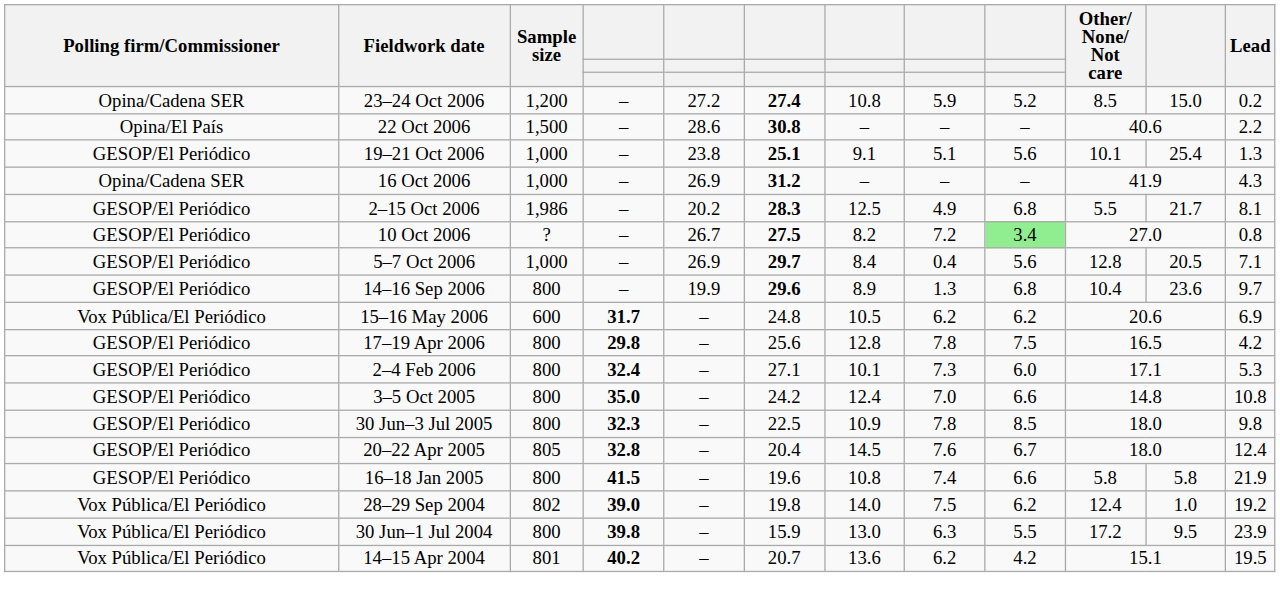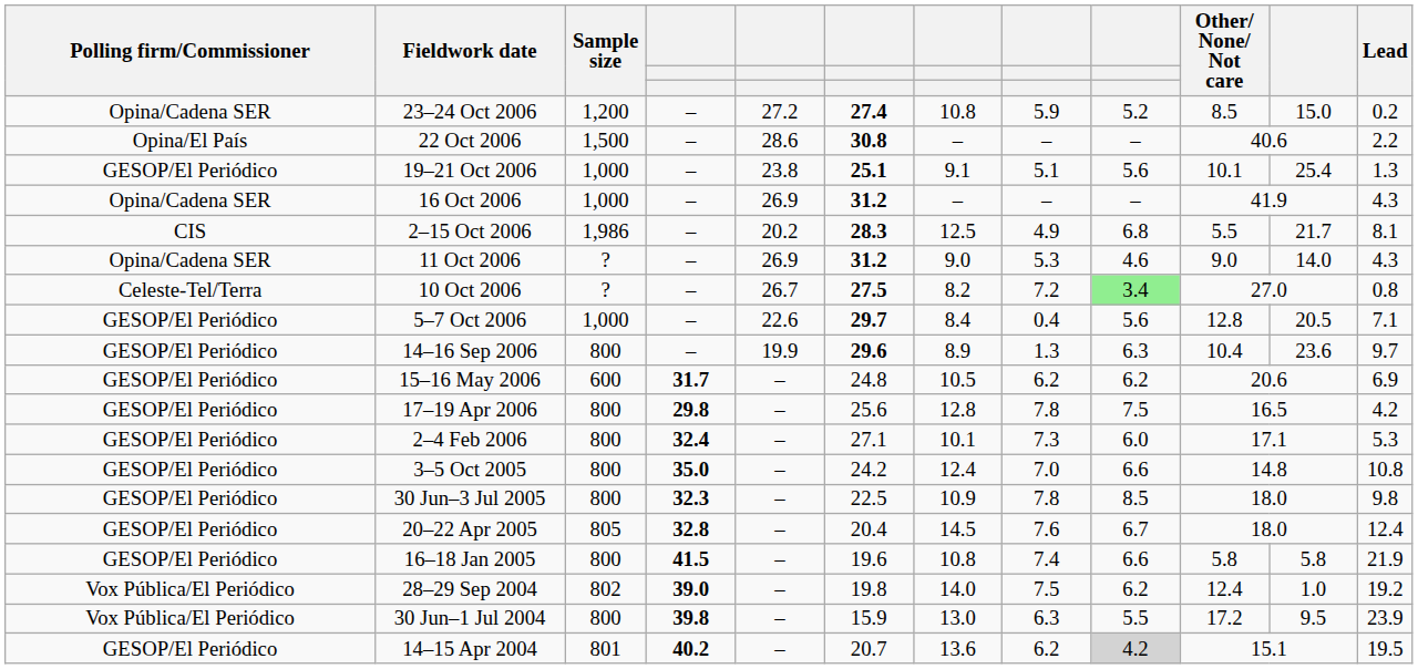 <table class="wikitable collapsible collapsed" style="text-align:center; font-size:90%; line-height:14px;">
 <tr style="height:42px;">
 <th style="width:250px;" rowspan="3">Polling firm/Commissioner</th>
 <th style="width:125px;" rowspan="3">Fieldwork date</th>
 <th style="width:50px;" rowspan="3">Sample size</th>
 <th style="width:55px;"></th>
 <th style="width:55px;"></th>
 <th style="width:55px;"></th>
 <th style="width:55px;"></th>
 <th style="width:55px;"></th>
 <th style="width:55px;"></th>
 <th style="width:55px;" rowspan="3">Other/<br>None/<br>Not<br>care</th>
 <th style="width:55px;" rowspan="3"></th>
 <th style="width:30px;" rowspan="3">Lead</th>
 </tr>
 <tr>
 <th style="color:inherit;background:"></th>
 <th style="color:inherit;background:"></th>
 <th style="color:inherit;background:"></th>
 <th style="color:inherit;background:"></th>
 <th style="color:inherit;background:"></th>
 <th style="color:inherit;background:"></th>
 </tr>
 <tr>
 <th></th>
 <th></th>
 <th></th>
 <th></th>
 <th></th>
 <th></th>
 </tr>
 <tr>
 <td>Opina/Cadena SER</td>
 <td>23–24 Oct 2006</td>
 <td>1,200</td>
 <td>–</td>
 <td>27.2</td>
 <td><strong>27.4</strong></td>
 <td>10.8</td>
 <td>5.9</td>
 <td>5.2</td>
 <td>8.5</td>
 <td>15.0</td>
 <td style="background:">0.2</td>
 </tr>
 <tr>
 <td>Opina/El País</td>
 <td>22 Oct 2006</td>
 <td>1,500</td>
 <td>–</td>
 <td>28.6</td>
 <td><strong>30.8</strong></td>
 <td>–</td>
 <td>–</td>
 <td>–</td>
 <td colspan="2">40.6</td>
 <td style="background:">2.2</td>
 </tr>
 <tr>
 <td>GESOP/El Periódico</td>
 <td>19–21 Oct 2006</td>
 <td>1,000</td>
 <td>–</td>
 <td>23.8</td>
 <td><strong>25.1</strong></td>
 <td>9.1</td>
 <td>5.1</td>
 <td>5.6</td>
 <td>10.1</td>
 <td>25.4</td>
 <td style="background:">1.3</td>
 </tr>
 <tr>
 <td>Opina/Cadena SER</td>
 <td>16 Oct 2006</td>
 <td>1,000</td>
 <td>–</td>
 <td>26.9</td>
 <td><strong>31.2</strong></td>
 <td>–</td>
 <td>–</td>
 <td>–</td>
 <td colspan="2">41.9</td>
 <td style="background:">4.3</td>
 </tr>
 <tr>
-<td>GESOP/El Periódico</td>
+<td>CIS</td>
 <td>2–15 Oct 2006</td>
 <td>1,986</td>
 <td>–</td>
 <td>20.2</td>
 <td><strong>28.3</strong></td>
 <td>12.5</td>
 <td>4.9</td>
 <td>6.8</td>
 <td>5.5</td>
 <td>21.7</td>
 <td style="background:">8.1</td>
 </tr>
 <tr>
-<td>GESOP/El Periódico</td>
+<td>Opina/Cadena SER</td>
+<td>11 Oct 2006</td>
+<td>?</td>
+<td>–</td>
+<td>26.9</td>
+<td><strong>31.2</strong></td>
+<td>9.0</td>
+<td>5.3</td>
+<td>4.6</td>
+<td>9.0</td>
+<td>14.0</td>
+<td style="background:">4.3</td>
+</tr>
+<tr>
+<td>Celeste-Tel/Terra</td>
 <td>10 Oct 2006</td>
 <td>?</td>
 <td>–</td>
 <td>26.7</td>
 <td><strong>27.5</strong></td>
 <td>8.2</td>
 <td>7.2</td>
 <td style="background: lightgreen;">3.4</td>
 <td colspan="2">27.0</td>
 <td style="background:">0.8</td>
 </tr>
 <tr>
 <td>GESOP/El Periódico</td>
 <td>5–7 Oct 2006</td>
 <td>1,000</td>
 <td>–</td>
-<td>26.9</td>
+<td>22.6</td>
 <td><strong>29.7</strong></td>
 <td>8.4</td>
 <td>0.4</td>
 <td>5.6</td>
 <td>12.8</td>
 <td>20.5</td>
 <td style="background:">7.1</td>
 </tr>
 <tr>
 <td>GESOP/El Periódico</td>
 <td>14–16 Sep 2006</td>
 <td>800</td>
 <td>–</td>
 <td>19.9</td>
 <td><strong>29.6</strong></td>
 <td>8.9</td>
 <td>1.3</td>
-<td>6.8</td>
+<td>6.3</td>
 <td>10.4</td>
 <td>23.6</td>
 <td style="background:">9.7</td>
 </tr>
 <tr>
-<td>Vox Pública/El Periódico</td>
+<td>GESOP/El Periódico</td>
 <td>15–16 May 2006</td>
 <td>600</td>
 <td><strong>31.7</strong></td>
 <td>–</td>
 <td>24.8</td>
 <td>10.5</td>
 <td>6.2</td>
 <td>6.2</td>
 <td colspan="2">20.6</td>
 <td style="background:">6.9</td>
 </tr>
 <tr>
 <td>GESOP/El Periódico</td>
 <td>17–19 Apr 2006</td>
 <td>800</td>
 <td><strong>29.8</strong></td>
 <td>–</td>
 <td>25.6</td>
 <td>12.8</td>
 <td>7.8</td>
 <td>7.5</td>
 <td colspan="2">16.5</td>
 <td style="background:">4.2</td>
 </tr>
 <tr>
 <td>GESOP/El Periódico</td>
 <td>2–4 Feb 2006</td>
 <td>800</td>
 <td><strong>32.4</strong></td>
 <td>–</td>
 <td>27.1</td>
 <td>10.1</td>
 <td>7.3</td>
 <td>6.0</td>
 <td colspan="2">17.1</td>
 <td style="background:">5.3</td>
 </tr>
 <tr>
 <td>GESOP/El Periódico</td>
 <td>3–5 Oct 2005</td>
 <td>800</td>
 <td><strong>35.0</strong></td>
 <td>–</td>
 <td>24.2</td>
 <td>12.4</td>
 <td>7.0</td>
 <td>6.6</td>
 <td colspan="2">14.8</td>
 <td style="background:">10.8</td>
 </tr>
 <tr>
 <td>GESOP/El Periódico</td>
 <td>30 Jun–3 Jul 2005</td>
 <td>800</td>
 <td><strong>32.3</strong></td>
 <td>–</td>
 <td>22.5</td>
 <td>10.9</td>
 <td>7.8</td>
 <td>8.5</td>
 <td colspan="2">18.0</td>
 <td style="background:">9.8</td>
 </tr>
 <tr>
 <td>GESOP/El Periódico</td>
 <td>20–22 Apr 2005</td>
 <td>805</td>
 <td><strong>32.8</strong></td>
 <td>–</td>
 <td>20.4</td>
 <td>14.5</td>
 <td>7.6</td>
 <td>6.7</td>
 <td colspan="2">18.0</td>
 <td style="background:">12.4</td>
 </tr>
 <tr>
 <td>GESOP/El Periódico</td>
 <td>16–18 Jan 2005</td>
 <td>800</td>
 <td><strong>41.5</strong></td>
 <td>–</td>
 <td>19.6</td>
 <td>10.8</td>
 <td>7.4</td>
 <td>6.6</td>
 <td>5.8</td>
 <td>5.8</td>
 <td style="background:">21.9</td>
 </tr>
 <tr>
 <td>Vox Pública/El Periódico</td>
 <td>28–29 Sep 2004</td>
 <td>802</td>
 <td><strong>39.0</strong></td>
 <td>–</td>
 <td>19.8</td>
 <td>14.0</td>
 <td>7.5</td>
 <td>6.2</td>
 <td>12.4</td>
 <td>1.0</td>
 <td style="background:">19.2</td>
 </tr>
 <tr>
 <td>Vox Pública/El Periódico</td>
 <td>30 Jun–1 Jul 2004</td>
 <td>800</td>
 <td><strong>39.8</strong></td>
 <td>–</td>
 <td>15.9</td>
 <td>13.0</td>
 <td>6.3</td>
 <td>5.5</td>
 <td>17.2</td>
 <td>9.5</td>
 <td style="background:">23.9</td>
 </tr>
 <tr>
-<td>Vox Pública/El Periódico</td>
+<td>GESOP/El Periódico</td>
 <td>14–15 Apr 2004</td>
 <td>801</td>
 <td><strong>40.2</strong></td>
 <td>–</td>
 <td>20.7</td>
 <td>13.6</td>
 <td>6.2</td>
-<td>4.2</td>
+<td style="background: lightgrey;">4.2</td>
 <td colspan="2">15.1</td>
 <td style="background:">19.5</td>
 </tr>
 </table>
